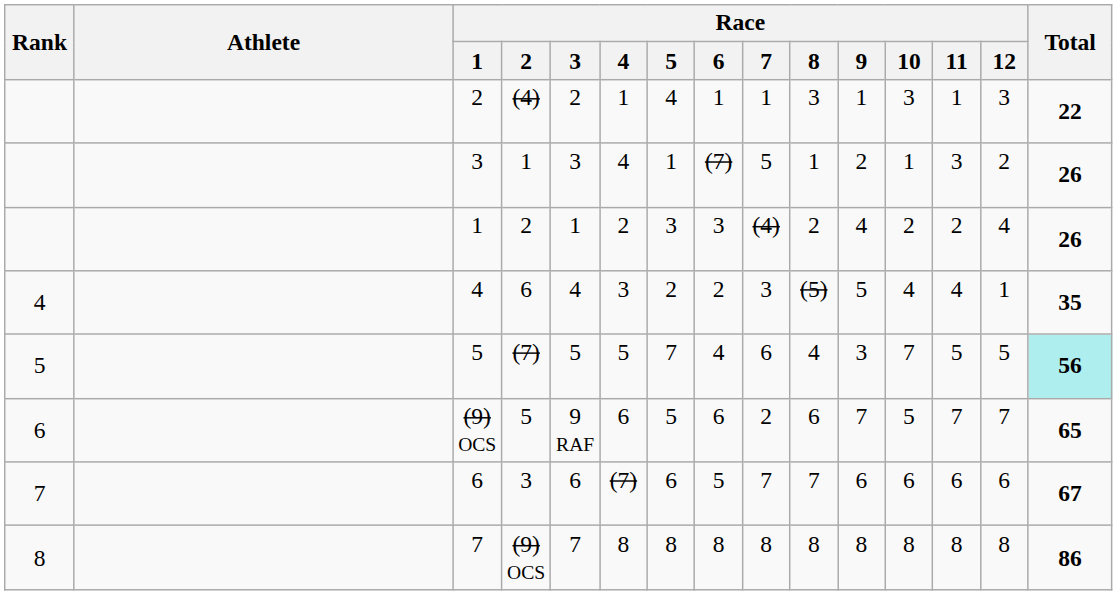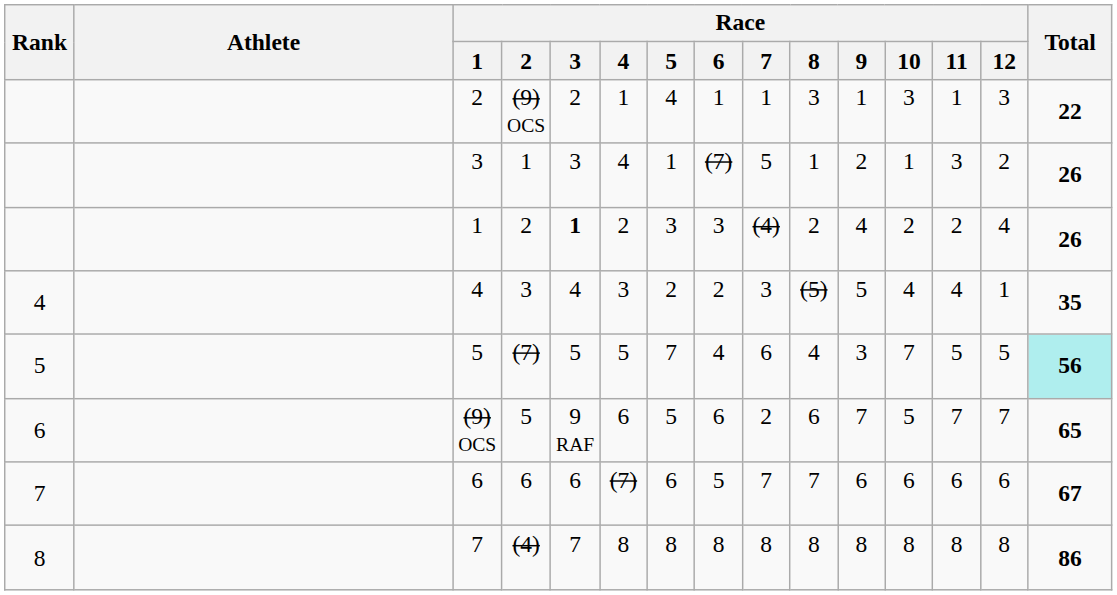 <table | class="wikitable" style="text-align:center">
 <tr>
 <th rowspan="2" width=40>Rank</th>
 <th rowspan="2" width=250>Athlete</th>
 <th colspan="12">Race</th>
 <th rowspan="2" width=50>Total</th>
 </tr>
 <tr>
 <th width=25>1</th>
 <th width=25>2</th>
 <th width=25>3</th>
 <th width=25>4</th>
 <th width=25>5</th>
 <th width=25>6</th>
 <th width=25>7</th>
 <th width=25>8</th>
 <th width=25>9</th>
 <th width=25>10</th>
 <th width=25>11</th>
 <th width=25>12</th>
 </tr>
 <tr>
 <td></td>
 <td align=left></td>
 <td>2<br> </td>
-<td><s>(4)</s><br> </td>
+<td><s>(9)</s><br><small>OCS</small></td>
 <td>2<br> </td>
 <td>1<br> </td>
 <td>4<br> </td>
 <td>1<br> </td>
 <td>1<br> </td>
 <td>3<br> </td>
 <td>1<br> </td>
 <td>3<br> </td>
 <td>1<br> </td>
 <td>3<br> </td>
 <td><strong>22</strong></td>
 </tr>
 <tr>
 <td></td>
 <td align=left></td>
 <td>3<br> </td>
 <td>1<br> </td>
 <td>3<br> </td>
 <td>4<br> </td>
 <td>1<br> </td>
 <td><s>(7)</s><br> </td>
 <td>5<br> </td>
 <td>1<br> </td>
 <td>2<br> </td>
 <td>1<br> </td>
 <td>3<br> </td>
 <td>2<br> </td>
 <td><strong>26</strong></td>
 </tr>
 <tr>
 <td></td>
 <td align=left></td>
 <td>1<br> </td>
 <td>2<br> </td>
-<td>1<br> </td>
+<td><strong>1<br> </strong></td>
 <td>2<br> </td>
 <td>3<br> </td>
 <td>3<br> </td>
 <td><s>(4)</s><br> </td>
 <td>2<br> </td>
 <td>4<br> </td>
 <td>2<br> </td>
 <td>2<br> </td>
 <td>4<br> </td>
 <td><strong>26</strong></td>
 </tr>
 <tr>
 <td>4</td>
 <td align=left></td>
 <td>4<br> </td>
-<td>6<br> </td>
+<td>3<br> </td>
 <td>4<br> </td>
 <td>3<br> </td>
 <td>2<br> </td>
 <td>2<br> </td>
 <td>3<br> </td>
 <td><s>(5)</s><br> </td>
 <td>5<br> </td>
 <td>4<br> </td>
 <td>4<br> </td>
 <td>1<br> </td>
 <td><strong>35</strong></td>
 </tr>
 <tr>
 <td>5</td>
 <td align=left></td>
 <td>5<br> </td>
 <td><s>(7)</s><br> </td>
 <td>5<br> </td>
 <td>5<br> </td>
 <td>7<br> </td>
 <td>4<br> </td>
 <td>6<br> </td>
 <td>4<br> </td>
 <td>3<br> </td>
 <td>7<br> </td>
 <td>5<br> </td>
 <td>5<br> </td>
 <td style="background: paleturquoise;"><strong>56</strong></td>
 </tr>
 <tr>
 <td>6</td>
 <td align=left></td>
 <td><s>(9)</s><br><small>OCS</small></td>
 <td>5<br> </td>
 <td>9<br><small>RAF</small></td>
 <td>6<br> </td>
 <td>5<br> </td>
 <td>6<br> </td>
 <td>2<br> </td>
 <td>6<br> </td>
 <td>7<br> </td>
 <td>5<br> </td>
 <td>7<br> </td>
 <td>7<br> </td>
 <td><strong>65</strong></td>
 </tr>
 <tr>
 <td>7</td>
 <td align=left></td>
 <td>6<br> </td>
-<td>3<br> </td>
+<td>6<br> </td>
 <td>6<br> </td>
 <td><s>(7)</s><br> </td>
 <td>6<br> </td>
 <td>5<br> </td>
 <td>7<br> </td>
 <td>7<br> </td>
 <td>6<br> </td>
 <td>6<br> </td>
 <td>6<br> </td>
 <td>6<br> </td>
 <td><strong>67</strong></td>
 </tr>
 <tr>
 <td>8</td>
 <td align=left></td>
 <td>7<br> </td>
-<td><s>(9)</s><br><small>OCS</small></td>
+<td><s>(4)</s><br> </td>
 <td>7<br> </td>
 <td>8<br> </td>
 <td>8<br> </td>
 <td>8<br> </td>
 <td>8<br> </td>
 <td>8<br> </td>
 <td>8<br> </td>
 <td>8<br> </td>
 <td>8<br> </td>
 <td>8<br> </td>
 <td><strong>86</strong></td>
 </tr>
 </table>
